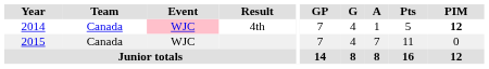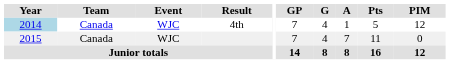 <table border="0" cellpadding="1" cellspacing="0" ID="Table3" style="text-align:center; width:40em;">
 <tr bgcolor="#e0e0e0">
 <th>Year</th>
 <th>Team</th>
 <th>Event</th>
 <th>Result</th>
 <th rowspan="99" bgcolor="#ffffff"></th>
 <th>GP</th>
 <th>G</th>
 <th>A</th>
 <th>Pts</th>
 <th>PIM</th>
 </tr>
 <tr>
-<td><a href='#'>2014</a></td>
+<td style="background: lightblue;"><a href='#'>2014</a></td>
 <td><a href='#'>Canada</a></td>
-<td style="background: pink;"><a href='#'>WJC</a></td>
+<td><a href='#'>WJC</a></td>
 <td>4th</td>
 <td>7</td>
 <td>4</td>
 <td>1</td>
 <td>5</td>
-<td><strong>12</strong></td>
+<td>12</td>
 </tr>
 <tr bgcolor="#f0f0f0">
 <td><a href='#'>2015</a></td>
 <td>Canada</td>
 <td>WJC</td>
 <td></td>
 <td>7</td>
 <td>4</td>
 <td>7</td>
 <td>11</td>
 <td>0</td>
 </tr>
 <tr bgcolor="#e0e0e0">
 <th colspan="4">Junior totals</th>
 <th>14</th>
 <th>8</th>
 <th>8</th>
 <th>16</th>
 <th>12</th>
 </tr>
 </table>
